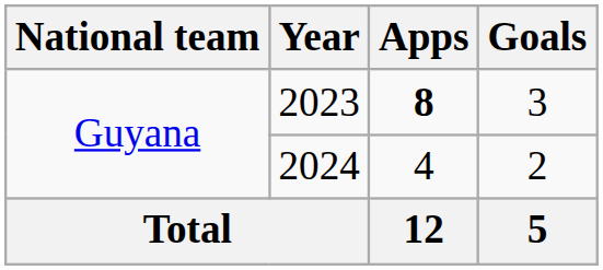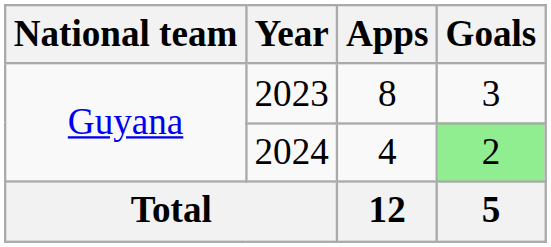 <table class="wikitable" style="text-align: center;">
 <tr>
 <th>National team</th>
 <th>Year</th>
 <th>Apps</th>
 <th>Goals</th>
 </tr>
 <tr>
 <td rowspan="2"><a href='#'>Guyana</a></td>
 <td>2023</td>
-<td><strong>8</strong></td>
+<td>8</td>
 <td>3</td>
 </tr>
 <tr>
 <td>2024</td>
 <td>4</td>
-<td>2</td>
+<td style="background: lightgreen;">2</td>
 </tr>
 <tr>
 <th colspan="2">Total</th>
 <th>12</th>
 <th>5</th>
 </tr>
 </table>
